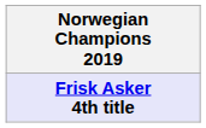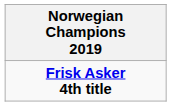 <table class="wikitable" style="text-align: center; margin: 0 auto; width: 20%">
 <tr>
 <th>Norwegian Champions<br>2019</th>
 </tr>
 <tr>
-<td style="background: lavender;"><strong><a href='#'>Frisk Asker</a></strong><br><strong>4th title</strong></td>
+<td><strong><a href='#'>Frisk Asker</a></strong><br><strong>4th title</strong></td>
 </tr>
 </table>
